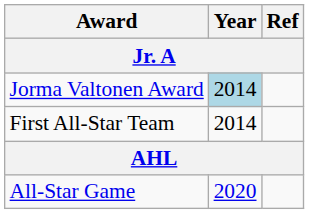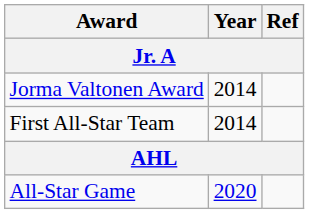 <table class="wikitable">
 <tr>
 <th>Award</th>
 <th>Year</th>
 <th>Ref</th>
 </tr>
 <tr>
 <th colspan="3"><a href='#'>Jr. A</a></th>
 </tr>
 <tr>
 <td><a href='#'>Jorma Valtonen Award</a></td>
-<td style="background: lightblue;">2014</td>
+<td>2014</td>
 <td></td>
 </tr>
 <tr>
 <td>First All-Star Team</td>
 <td>2014</td>
 <td></td>
 </tr>
 <tr>
 <th colspan="3"><a href='#'>AHL</a></th>
 </tr>
 <tr>
 <td><a href='#'>All-Star Game</a></td>
 <td><a href='#'>2020</a></td>
 <td></td>
 </tr>
 </table>
